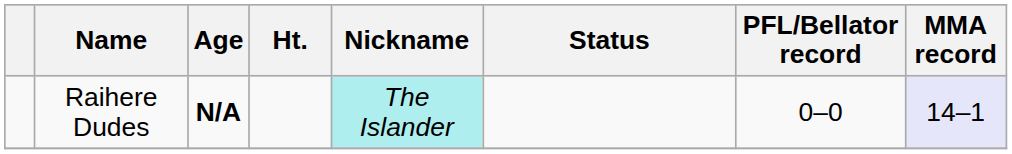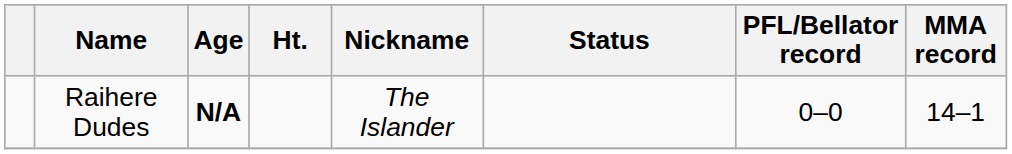 <table class="wikitable sortable" style="text-align:center;">
 <tr>
 <th width=3%></th>
 <th width=15%>Name</th>
 <th width=3%>Age</th>
 <th width=8%>Ht.</th>
 <th width="15%">Nickname</th>
 <th width=25%>Status</th>
 <th width="10%">PFL/Bellator record</th>
 <th width=10%>MMA record</th>
 </tr>
 <tr>
 <td></td>
 <td>Raihere Dudes</td>
 <td><strong>N/A</strong></td>
 <td></td>
-<td style="background: paleturquoise;"><em>The Islander</em></td>
+<td><em>The Islander</em></td>
 <td></td>
 <td>0–0</td>
-<td style="background: lavender;">14–1</td>
+<td>14–1</td>
 </tr>
 <tr>
 </tr>
 </table>
